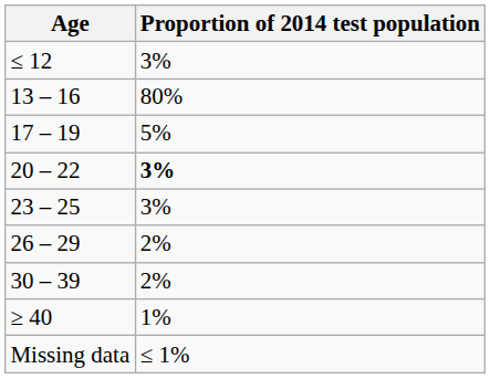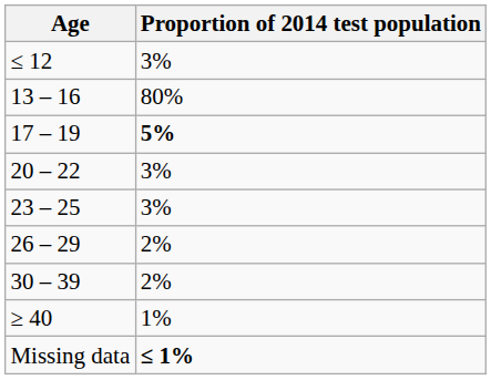 <table class="wikitable">
 <tr>
 <th>Age</th>
 <th>Proportion of 2014 test population</th>
 </tr>
 <tr>
 <td>≤ 12</td>
 <td>3%</td>
 </tr>
 <tr>
 <td>13 – 16</td>
 <td>80%</td>
 </tr>
 <tr>
 <td>17 – 19</td>
-<td>5%</td>
+<td><strong>5%</strong></td>
 </tr>
 <tr>
 <td>20 – 22</td>
-<td><strong>3%</strong></td>
+<td>3%</td>
 </tr>
 <tr>
 <td>23 – 25</td>
 <td>3%</td>
 </tr>
 <tr>
 <td>26 – 29</td>
 <td>2%</td>
 </tr>
 <tr>
 <td>30 – 39</td>
 <td>2%</td>
 </tr>
 <tr>
 <td>≥ 40</td>
 <td>1%</td>
 </tr>
 <tr>
 <td>Missing data</td>
-<td>≤ 1%</td>
+<td><strong>≤ 1%</strong></td>
 </tr>
 </table>
